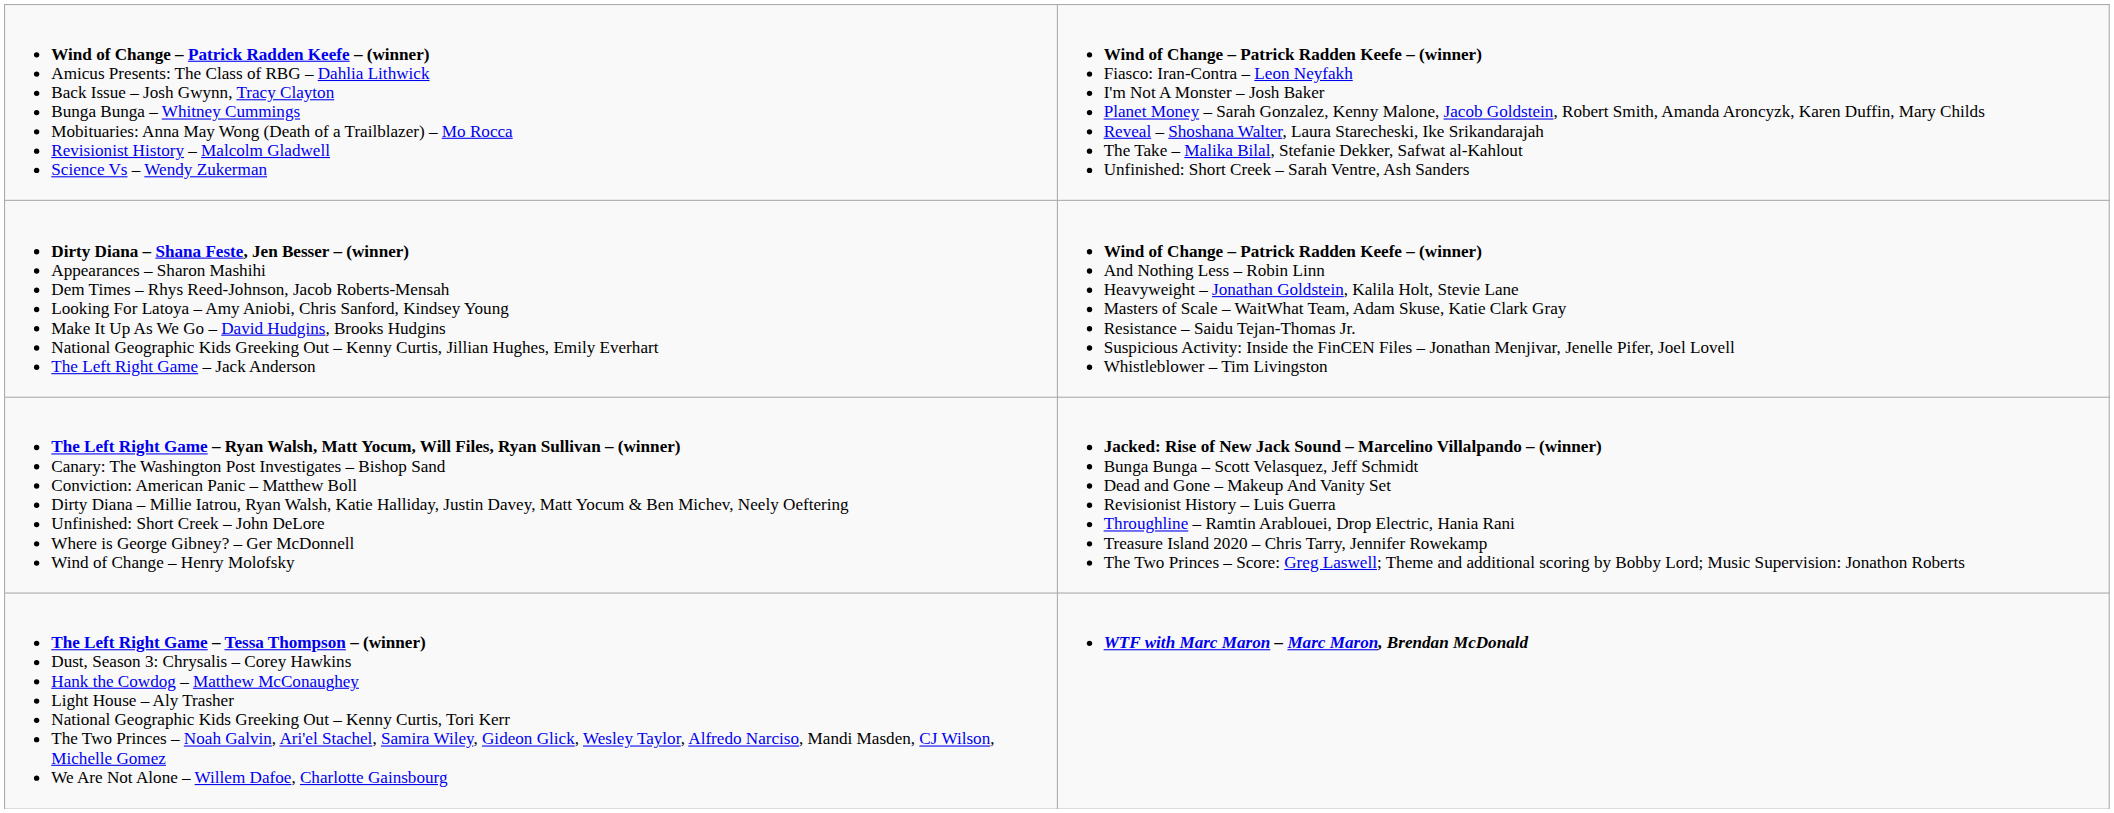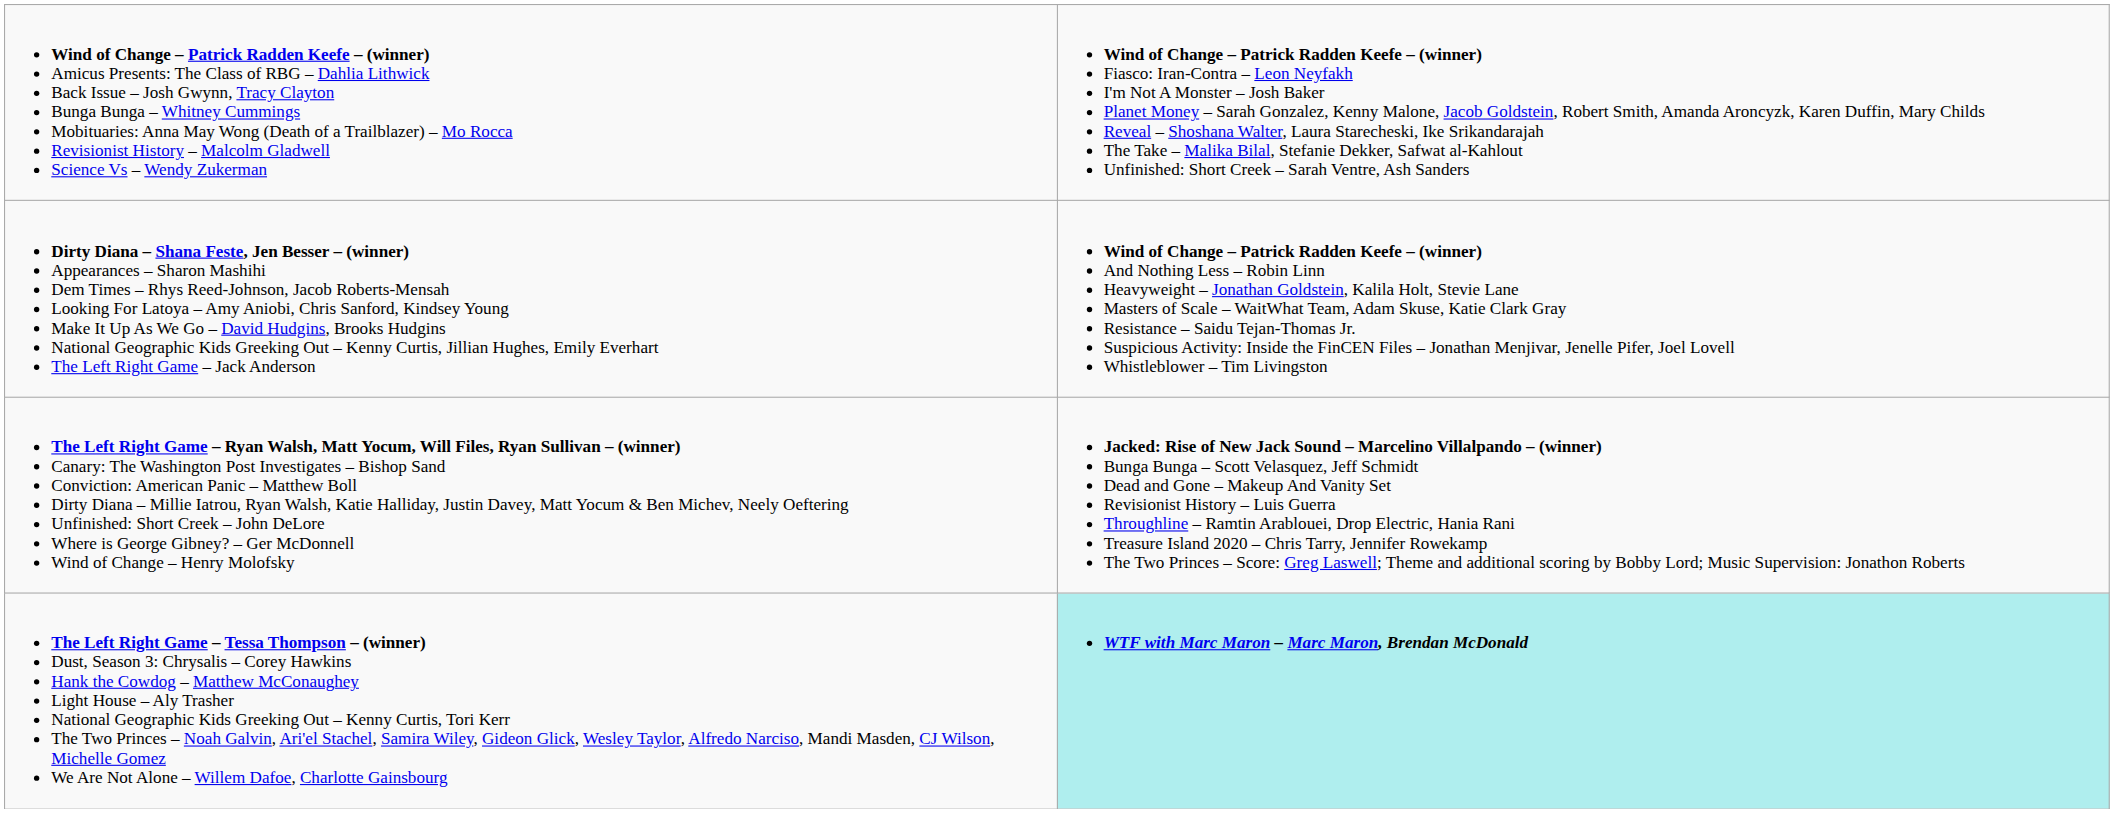 <table class="wikitable">
 <tr>
 <td style="vertical-align:top;" width="50%"><br><ul><li><strong>Wind of Change – <a href='#'>Patrick Radden Keefe</a> – (winner)</strong></li><li>Amicus Presents: The Class of RBG – <a href='#'>Dahlia Lithwick</a></li><li>Back Issue – Josh Gwynn, <a href='#'>Tracy Clayton</a></li><li>Bunga Bunga – <a href='#'>Whitney Cummings</a></li><li>Mobituaries: Anna May Wong (Death of a Trailblazer) – <a href='#'>Mo Rocca</a></li><li><a href='#'>Revisionist History</a> – <a href='#'>Malcolm Gladwell</a></li><li><a href='#'>Science Vs</a> – <a href='#'>Wendy Zukerman</a></li></ul></td>
 <td style="vertical-align:top;" width="50%"><br><ul><li><strong>Wind of Change – Patrick Radden Keefe – (winner)</strong></li><li>Fiasco: Iran-Contra – <a href='#'>Leon Neyfakh</a></li><li>I'm Not A Monster – Josh Baker</li><li><a href='#'>Planet Money</a> – Sarah Gonzalez, Kenny Malone, <a href='#'>Jacob Goldstein</a>, Robert Smith, Amanda Aroncyzk, Karen Duffin, Mary Childs</li><li><a href='#'>Reveal</a> – <a href='#'>Shoshana Walter</a>, Laura Starecheski, Ike Srikandarajah</li><li>The Take – <a href='#'>Malika Bilal</a>, Stefanie Dekker, Safwat al-Kahlout</li><li>Unfinished: Short Creek – Sarah Ventre, Ash Sanders</li></ul></td>
 </tr>
 <tr>
 <td style="vertical-align:top;" width="50%"><br><ul><li><strong>Dirty Diana – <a href='#'>Shana Feste</a>, Jen Besser – (winner)</strong></li><li>Appearances – Sharon Mashihi</li><li>Dem Times – Rhys Reed-Johnson, Jacob Roberts-Mensah</li><li>Looking For Latoya – Amy Aniobi, Chris Sanford, Kindsey Young</li><li>Make It Up As We Go – <a href='#'>David Hudgins</a>, Brooks Hudgins</li><li>National Geographic Kids Greeking Out – Kenny Curtis, Jillian Hughes, Emily Everhart</li><li><a href='#'>The Left Right Game</a> – Jack Anderson</li></ul></td>
 <td style="vertical-align:top;" width="50%"><br><ul><li><strong>Wind of Change – Patrick Radden Keefe – (winner)</strong></li><li>And Nothing Less – Robin Linn</li><li>Heavyweight – <a href='#'>Jonathan Goldstein</a>, Kalila Holt, Stevie Lane</li><li>Masters of Scale – WaitWhat Team, Adam Skuse, Katie Clark Gray</li><li>Resistance – Saidu Tejan-Thomas Jr.</li><li>Suspicious Activity: Inside the FinCEN Files – Jonathan Menjivar, Jenelle Pifer, Joel Lovell</li><li>Whistleblower – Tim Livingston</li></ul></td>
 </tr>
 <tr>
 <td style="vertical-align:top;" width="50%"><br><ul><li><strong><a href='#'>The Left Right Game</a> – Ryan Walsh, Matt Yocum, Will Files, Ryan Sullivan – (winner)</strong></li><li>Canary: The Washington Post Investigates – Bishop Sand</li><li>Conviction: American Panic – Matthew Boll</li><li>Dirty Diana – Millie Iatrou, Ryan Walsh, Katie Halliday, Justin Davey, Matt Yocum & Ben Michev, Neely Oeftering</li><li>Unfinished: Short Creek – John DeLore</li><li>Where is George Gibney? – Ger McDonnell</li><li>Wind of Change – Henry Molofsky</li></ul></td>
 <td style="vertical-align:top;" width="50%"><br><ul><li><strong>Jacked: Rise of New Jack Sound – Marcelino Villalpando – (winner)</strong></li><li>Bunga Bunga – Scott Velasquez, Jeff Schmidt</li><li>Dead and Gone – Makeup And Vanity Set</li><li>Revisionist History – Luis Guerra</li><li><a href='#'>Throughline</a> – Ramtin Arablouei, Drop Electric, Hania Rani</li><li>Treasure Island 2020 – Chris Tarry, Jennifer Rowekamp</li><li>The Two Princes – Score: <a href='#'>Greg Laswell</a>; Theme and additional scoring by Bobby Lord; Music Supervision: Jonathon Roberts</li></ul></td>
 </tr>
 <tr>
 <td style="vertical-align:top;" width="50%"><br><ul><li><strong><a href='#'>The Left Right Game</a> – <a href='#'>Tessa Thompson</a> – (winner)</strong></li><li>Dust, Season 3: Chrysalis – Corey Hawkins</li><li><a href='#'>Hank the Cowdog</a> – <a href='#'>Matthew McConaughey</a></li><li>Light House – Aly Trasher</li><li>National Geographic Kids Greeking Out – Kenny Curtis, Tori Kerr</li><li>The Two Princes – <a href='#'>Noah Galvin</a>, <a href='#'>Ari'el Stachel</a>, <a href='#'>Samira Wiley</a>, <a href='#'>Gideon Glick</a>, <a href='#'>Wesley Taylor</a>, <a href='#'>Alfredo Narciso</a>, Mandi Masden, <a href='#'>CJ Wilson</a>, <a href='#'>Michelle Gomez</a></li><li>We Are Not Alone – <a href='#'>Willem Dafoe</a>, <a href='#'>Charlotte Gainsbourg</a></li></ul></td>
-<td style="vertical-align:top;" width="50%"><br><ul><li><strong><em><a href='#'>WTF with Marc Maron</a><em> – <a href='#'>Marc Maron</a>, Brendan McDonald<strong></li></ul></td>
+<td style="background: paleturquoise; vertical-align:top;" width="50%"><br><ul><li><strong><em><a href='#'>WTF with Marc Maron</a><em> – <a href='#'>Marc Maron</a>, Brendan McDonald<strong></li></ul></td>
 </tr>
 </table>
